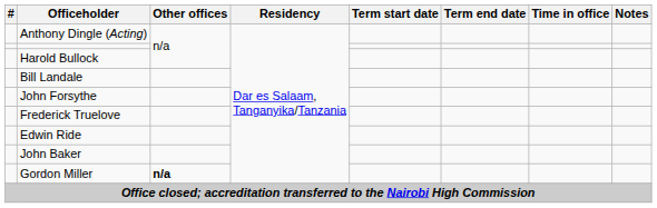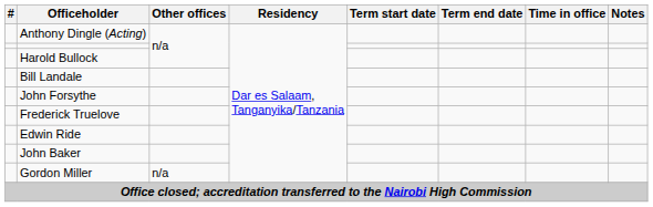 <table class='wikitable sortable'>
 <tr>
 <th>#</th>
 <th>Officeholder</th>
 <th>Other offices</th>
 <th>Residency</th>
 <th>Term start date</th>
 <th>Term end date</th>
 <th>Time in office</th>
 <th>Notes</th>
 </tr>
 <tr>
 <td align=center></td>
 <td>Anthony Dingle (<em>Acting</em>)</td>
 <td rowspan=3>n/a</td>
 <td rowspan=9><a href='#'>Dar es Salaam</a>,<br><a href='#'>Tanganyika</a>/<a href='#'>Tanzania</a></td>
 <td align=center></td>
 <td align=center></td>
 <td align=right></td>
 <td></td>
 </tr>
 <tr>
 <td align=center></td>
 <td></td>
 <td align=center></td>
 <td align=center></td>
 <td align=right><strong></strong></td>
 <td></td>
 </tr>
 <tr>
 <td align=center></td>
 <td>Harold Bullock</td>
 <td align=center></td>
 <td align=center></td>
 <td align=right></td>
 <td></td>
 </tr>
 <tr>
 <td align=center></td>
 <td>Bill Landale</td>
 <td></td>
 <td align=center></td>
 <td align=center></td>
 <td align=right></td>
 <td></td>
 </tr>
 <tr>
 <td align=center></td>
 <td>John Forsythe</td>
 <td></td>
 <td align=center></td>
 <td align=center></td>
 <td align=right></td>
 <td></td>
 </tr>
 <tr>
 <td align=center></td>
 <td>Frederick Truelove</td>
 <td></td>
 <td align=center></td>
 <td align=center></td>
 <td align=right></td>
 <td></td>
 </tr>
 <tr>
 <td align=center></td>
 <td>Edwin Ride</td>
 <td></td>
 <td align=center></td>
 <td align=center></td>
 <td align=right></td>
 <td></td>
 </tr>
 <tr>
 <td align=center></td>
 <td>John Baker</td>
 <td></td>
 <td align=center></td>
 <td align=center></td>
 <td align=right></td>
 <td></td>
 </tr>
 <tr>
 <td align=center></td>
 <td>Gordon Miller</td>
-<td><strong>n/a</strong></td>
+<td>n/a</td>
 <td align=center></td>
 <td align=center></td>
 <td align=right></td>
 <td></td>
 </tr>
 <tr>
 <th colspan=8 style="background: #cccccc;"><em>Office closed; accreditation transferred to the <a href='#'>Nairobi</a> High Commission</em></th>
 </tr>
 </table>
